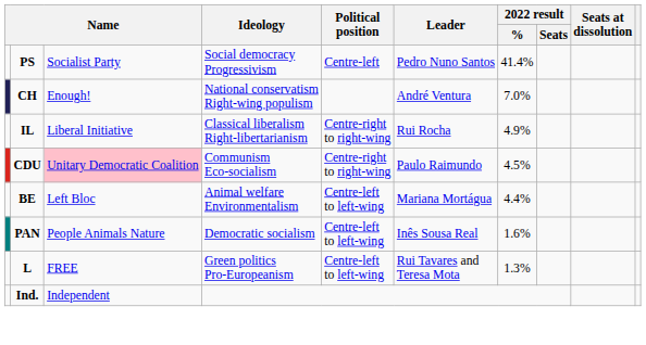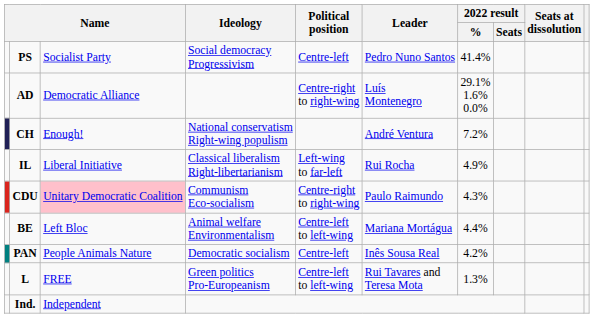 <table class="wikitable">
 <tr>
 <th colspan="3" rowspan="2">Name</th>
 <th rowspan="2">Ideology</th>
 <th rowspan="2">Political<br>position</th>
 <th rowspan="2">Leader</th>
 <th colspan="2">2022 result</th>
 <th rowspan="2">Seats at<br>dissolution</th>
 <th rowspan="2"></th>
 </tr>
 <tr>
 <th>%</th>
 <th>Seats</th>
 </tr>
 <tr>
 <td style="color:inherit;background:"></td>
 <td style="text-align:center;"><strong>PS</strong></td>
 <td><a href='#'>Socialist Party</a><br></td>
 <td><a href='#'>Social democracy</a><br><a href='#'>Progressivism</a></td>
 <td><a href='#'>Centre-left</a></td>
 <td><a href='#'>Pedro Nuno Santos</a></td>
 <td style="text-align:center;">41.4%</td>
 <td></td>
 <td></td>
 <td></td>
 </tr>
 <tr>
+<td style="color:inherit;background:"></td>
+<td style="text-align:center;"><strong>AD</strong></td>
+<td><a href='#'>Democratic Alliance</a><br></td>
+<td></td>
+<td><a href='#'>Centre-right</a><br>to <a href='#'>right-wing</a></td>
+<td><a href='#'>Luís<br>Montenegro</a></td>
+<td style="text-align:center;">29.1%<br>1.6%<br>0.0%</td>
+<td></td>
+<td></td>
+<td><br><br></td>
+</tr>
+<tr>
 <td style="background:#202056;"></td>
 <td style="text-align:center;"><strong>CH</strong></td>
 <td><a href='#'>Enough!</a><br></td>
 <td><a href='#'>National conservatism</a><br><a href='#'>Right-wing populism</a></td>
 <td></td>
 <td><a href='#'>André Ventura</a></td>
-<td style="text-align:center;">7.0%</td>
+<td style="text-align:center;">7.2%</td>
 <td></td>
 <td></td>
 <td></td>
 </tr>
 <tr>
 <td style="color:inherit;background:"></td>
 <td style="text-align:center;"><strong>IL</strong></td>
 <td><a href='#'>Liberal Initiative</a><br></td>
 <td><a href='#'>Classical liberalism</a><br><a href='#'>Right-libertarianism</a></td>
-<td><a href='#'>Centre-right</a><br> to <a href='#'>right-wing</a></td>
+<td><a href='#'>Left-wing</a><br>to <a href='#'>far-left</a></td>
 <td><a href='#'>Rui Rocha</a></td>
 <td style="text-align:center;">4.9%</td>
 <td></td>
 <td></td>
 <td></td>
 </tr>
 <tr>
 <td style="background:#da251e;"></td>
 <td style="text-align:center;"><strong>CDU</strong></td>
 <td style="background: pink;"><a href='#'>Unitary Democratic Coalition</a><br></td>
 <td><a href='#'>Communism</a><br><a href='#'>Eco-socialism</a></td>
 <td><a href='#'>Centre-right</a><br> to <a href='#'>right-wing</a></td>
 <td><a href='#'>Paulo Raimundo</a></td>
-<td style="text-align:center;">4.5%</td>
+<td style="text-align:center;">4.3%</td>
 <td></td>
 <td></td>
 <td></td>
 </tr>
 <tr>
 <td style="color:inherit;background:"></td>
 <td style="text-align:center;"><strong>BE</strong></td>
 <td><a href='#'>Left Bloc</a><br></td>
 <td><a href='#'>Animal welfare</a><br><a href='#'>Environmentalism</a></td>
 <td><a href='#'>Centre-left</a><br> to <a href='#'>left-wing</a></td>
 <td><a href='#'>Mariana Mortágua</a></td>
 <td style="text-align:center;">4.4%</td>
 <td></td>
 <td></td>
 <td></td>
 </tr>
 <tr>
 <td style="background:#008080;"></td>
 <td style="text-align:center;"><strong>PAN</strong></td>
 <td><a href='#'>People Animals Nature</a><br></td>
 <td><a href='#'>Democratic socialism</a><br></td>
-<td><a href='#'>Centre-left</a><br> to <a href='#'>left-wing</a></td>
+<td><a href='#'>Centre-left</a></td>
 <td><a href='#'>Inês Sousa Real</a></td>
-<td style="text-align:center;">1.6%</td>
+<td style="text-align:center;">4.2%</td>
 <td></td>
 <td></td>
 <td></td>
 </tr>
 <tr>
 <td style="color:inherit;background:"></td>
 <td style="text-align:center;"><strong>L</strong></td>
 <td><a href='#'>FREE</a><br></td>
 <td><a href='#'>Green politics</a><br><a href='#'>Pro-Europeanism</a></td>
 <td><a href='#'>Centre-left</a><br> to <a href='#'>left-wing</a></td>
 <td><a href='#'>Rui Tavares</a> and<br><a href='#'>Teresa Mota</a></td>
 <td style="text-align:center;">1.3%</td>
 <td></td>
 <td></td>
 <td></td>
 </tr>
 <tr>
 <td style="color:inherit;background:"></td>
 <td style="text-align:center;"><strong>Ind.</strong></td>
 <td><a href='#'>Independent</a><br></td>
 <td colspan="5"> </td>
 <td></td>
 <td></td>
 </tr>
 </table>
